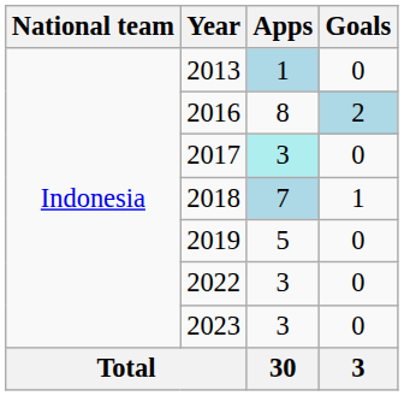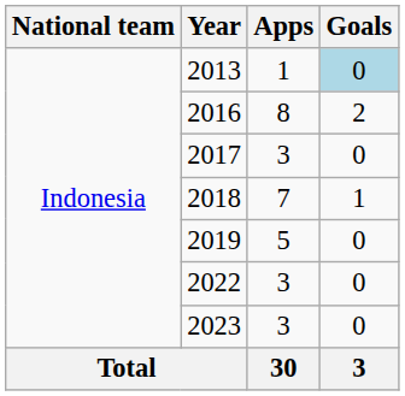 <table class="wikitable" style="text-align:center">
 <tr>
 <th>National team</th>
 <th>Year</th>
 <th>Apps</th>
 <th>Goals</th>
 </tr>
 <tr>
 <td rowspan=7><a href='#'>Indonesia</a></td>
 <td>2013</td>
-<td style="background: lightblue;">1</td>
-<td>0</td>
+<td>1</td>
+<td style="background: lightblue;">0</td>
 </tr>
 <tr>
 <td>2016</td>
 <td>8</td>
-<td style="background: lightblue;">2</td>
+<td>2</td>
 </tr>
 <tr>
 <td>2017</td>
-<td style="background: paleturquoise;">3</td>
+<td>3</td>
 <td>0</td>
 </tr>
 <tr>
 <td>2018</td>
-<td style="background: lightblue;">7</td>
+<td>7</td>
 <td>1</td>
 </tr>
 <tr>
 <td>2019</td>
 <td>5</td>
 <td>0</td>
 </tr>
 <tr>
 <td>2022</td>
 <td>3</td>
 <td>0</td>
 </tr>
 <tr>
 <td>2023</td>
 <td>3</td>
 <td>0</td>
 </tr>
 <tr>
 <th colspan=2>Total</th>
 <th>30</th>
 <th>3</th>
 </tr>
 </table>
